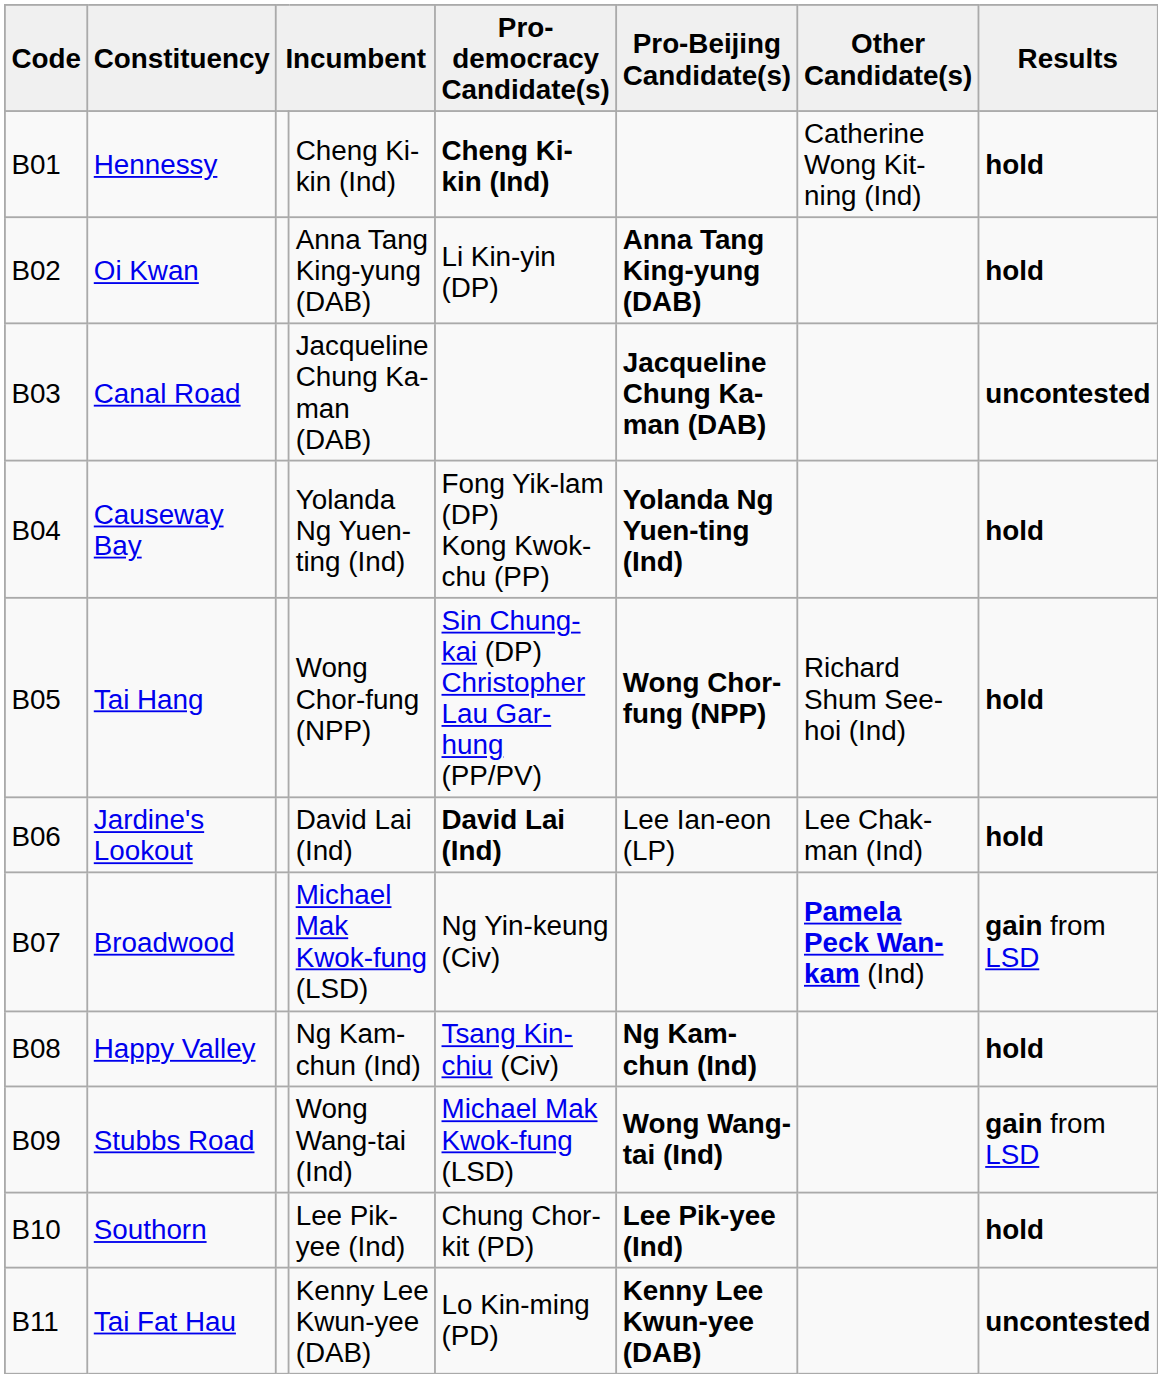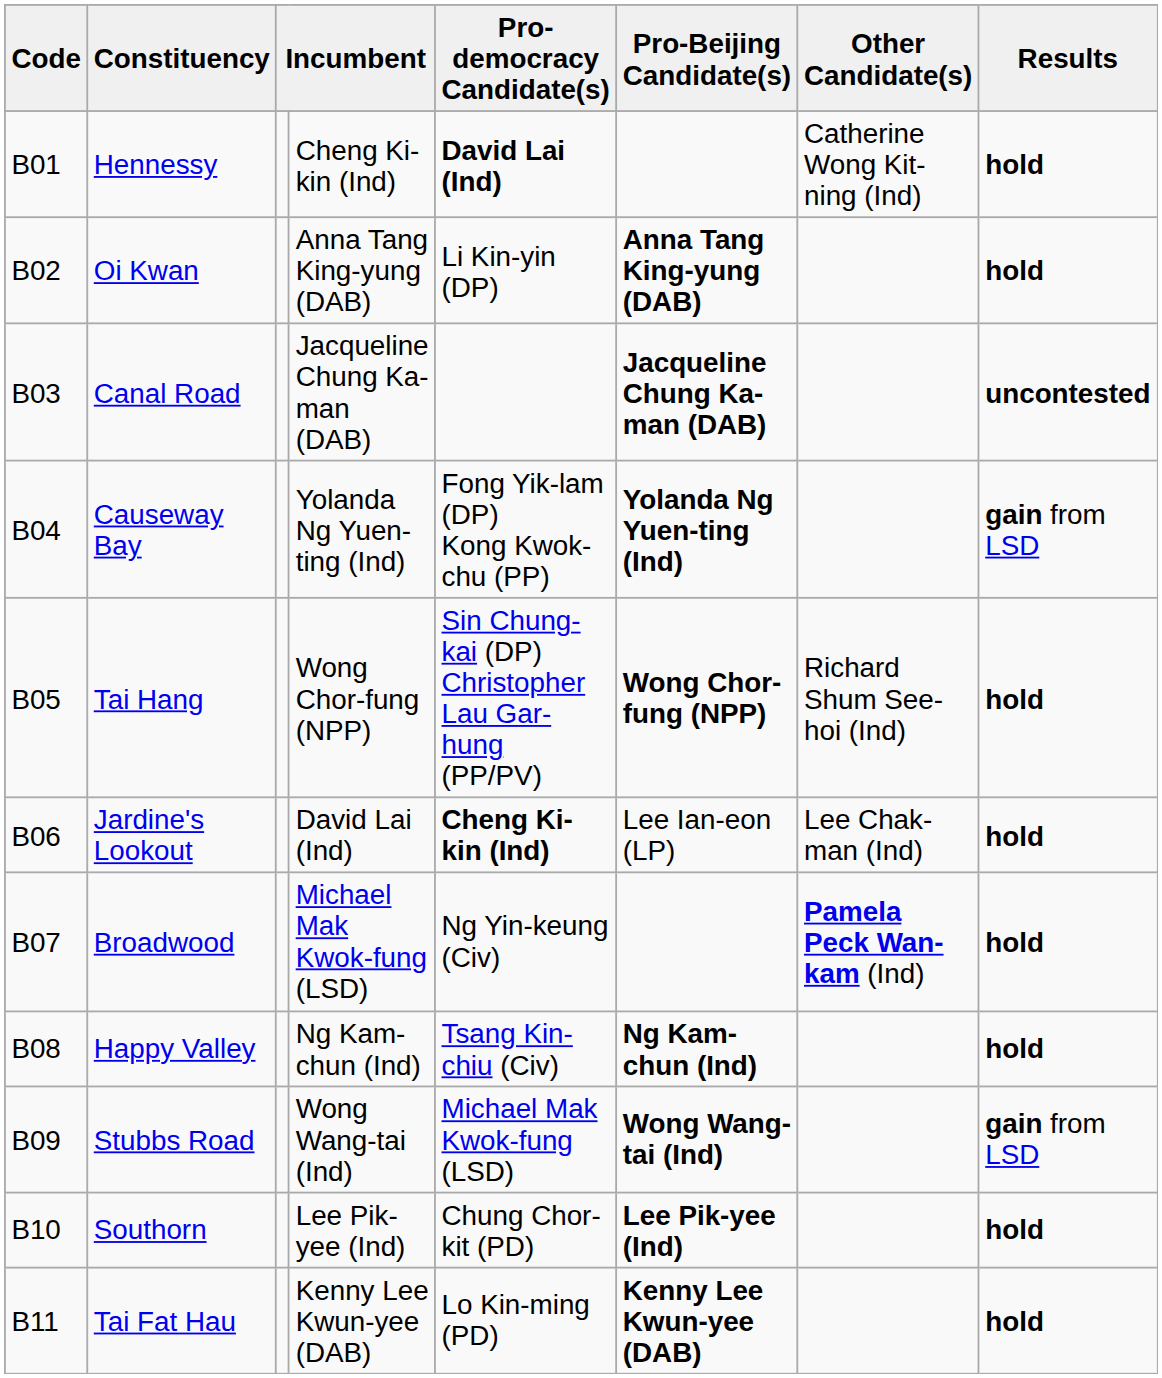 <table class="wikitable" style="font-size: 95%;">
 <tr>
 <th align="center" style="background:#f0f0f0;" width="20px">Code</th>
 <th align="center" style="background:#f0f0f0;" width="90px">Constituency</th>
 <th align="center" style="background:#f0f0f0;" width="120px" colspan=2>Incumbent</th>
 <th align="center" style="background:#f0f0f0;" width="160px">Pro-democracy Candidate(s)</th>
 <th align="center" style="background:#f0f0f0;" width="160px">Pro-Beijing Candidate(s)</th>
 <th align="center" style="background:#f0f0f0;" width="160px">Other Candidate(s)</th>
 <th align="center" style="background:#f0f0f0;" width="100px" colspan="2">Results</th>
 </tr>
 <tr>
 <td>B01</td>
 <td><a href='#'>Hennessy</a></td>
 <td></td>
 <td>Cheng Ki-kin (Ind)</td>
-<td><strong>Cheng Ki-kin (Ind)</strong></td>
+<td><strong>David Lai (Ind)</strong></td>
 <td></td>
 <td>Catherine Wong Kit-ning (Ind)</td>
 <td> <strong>hold</strong></td>
 </tr>
 <tr>
 <td>B02</td>
 <td><a href='#'>Oi Kwan</a></td>
 <td></td>
 <td>Anna Tang King-yung (DAB)</td>
 <td>Li Kin-yin (DP)</td>
 <td><strong>Anna Tang King-yung (DAB)</strong></td>
 <td></td>
 <td> <strong>hold</strong></td>
 </tr>
 <tr>
 <td>B03</td>
 <td><a href='#'>Canal Road</a></td>
 <td></td>
 <td>Jacqueline Chung Ka-man (DAB)</td>
 <td></td>
 <td><strong>Jacqueline Chung Ka-man (DAB)</strong></td>
 <td></td>
 <td> <strong>uncontested</strong></td>
 </tr>
 <tr>
 <td>B04</td>
 <td><a href='#'>Causeway Bay</a></td>
 <td></td>
 <td>Yolanda Ng Yuen-ting (Ind)</td>
 <td>Fong Yik-lam (DP)<br>Kong Kwok-chu (PP)</td>
 <td><strong>Yolanda Ng Yuen-ting (Ind)</strong></td>
 <td></td>
-<td> <strong>hold</strong></td>
+<td> <strong>gain</strong> from <a href='#'>LSD</a></td>
 </tr>
 <tr>
 <td>B05</td>
 <td><a href='#'>Tai Hang</a></td>
 <td></td>
 <td>Wong Chor-fung (NPP)</td>
 <td><a href='#'>Sin Chung-kai</a> (DP)<br><a href='#'>Christopher Lau Gar-hung</a> (PP/PV)</td>
 <td><strong>Wong Chor-fung (NPP)</strong></td>
 <td>Richard Shum See-hoi (Ind)</td>
 <td> <strong>hold</strong></td>
 </tr>
 <tr>
 <td>B06</td>
 <td><a href='#'>Jardine's Lookout</a></td>
 <td></td>
 <td>David Lai (Ind)</td>
-<td><strong>David Lai (Ind)</strong></td>
+<td><strong>Cheng Ki-kin (Ind)</strong></td>
 <td>Lee Ian-eon (LP)</td>
 <td>Lee Chak-man (Ind)</td>
 <td> <strong>hold</strong></td>
 </tr>
 <tr>
 <td>B07</td>
 <td><a href='#'>Broadwood</a></td>
 <td></td>
 <td><a href='#'>Michael Mak Kwok-fung</a> (LSD)</td>
 <td>Ng Yin-keung (Civ)</td>
 <td></td>
 <td><strong><a href='#'>Pamela Peck Wan-kam</a></strong> (Ind)</td>
-<td> <strong>gain</strong> from <a href='#'>LSD</a></td>
+<td> <strong>hold</strong></td>
 </tr>
 <tr>
 <td>B08</td>
 <td><a href='#'>Happy Valley</a></td>
 <td></td>
 <td>Ng Kam-chun (Ind)</td>
 <td><a href='#'>Tsang Kin-chiu</a> (Civ)</td>
 <td><strong>Ng Kam-chun (Ind)</strong></td>
 <td></td>
 <td> <strong>hold</strong></td>
 </tr>
 <tr>
 <td>B09</td>
 <td><a href='#'>Stubbs Road</a></td>
 <td></td>
 <td>Wong Wang-tai (Ind)</td>
 <td><a href='#'>Michael Mak Kwok-fung</a> (LSD)</td>
 <td><strong>Wong Wang-tai (Ind) </strong></td>
 <td></td>
 <td> <strong>gain</strong> from <a href='#'>LSD</a></td>
 </tr>
 <tr>
 <td>B10</td>
 <td><a href='#'>Southorn</a></td>
 <td></td>
 <td>Lee Pik-yee (Ind)</td>
 <td>Chung Chor-kit (PD)</td>
 <td><strong>Lee Pik-yee (Ind)</strong></td>
 <td></td>
 <td> <strong>hold</strong></td>
 </tr>
 <tr>
 <td>B11</td>
 <td><a href='#'>Tai Fat Hau</a></td>
 <td></td>
 <td>Kenny Lee Kwun-yee (DAB)</td>
 <td>Lo Kin-ming (PD)</td>
 <td><strong>Kenny Lee Kwun-yee (DAB)</strong></td>
 <td></td>
-<td> <strong>uncontested</strong></td>
+<td> <strong>hold</strong></td>
 </tr>
 </table>
